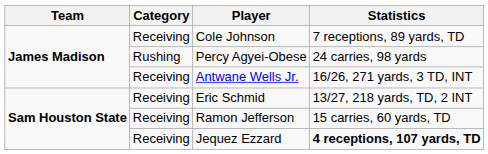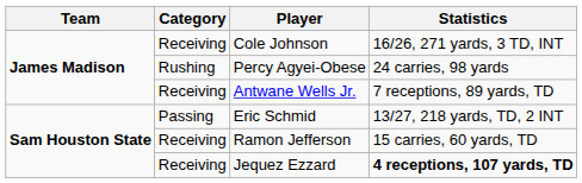 <table class="wikitable" style="float: right;">
 <tr>
 <th>Team</th>
 <th>Category</th>
 <th>Player</th>
 <th>Statistics</th>
 </tr>
 <tr>
 <td rowspan=3><strong>James Madison</strong></td>
 <td>Receiving</td>
 <td>Cole Johnson</td>
-<td>7 receptions, 89 yards, TD</td>
+<td>16/26, 271 yards, 3 TD, INT</td>
 </tr>
 <tr>
 <td>Rushing</td>
 <td>Percy Agyei-Obese</td>
 <td>24 carries, 98 yards</td>
 </tr>
 <tr>
 <td>Receiving</td>
 <td><a href='#'>Antwane Wells Jr.</a></td>
-<td>16/26, 271 yards, 3 TD, INT</td>
+<td>7 receptions, 89 yards, TD</td>
 </tr>
 <tr>
 <td rowspan=3><strong>Sam Houston State</strong></td>
-<td>Receiving</td>
+<td>Passing</td>
 <td>Eric Schmid</td>
 <td>13/27, 218 yards, TD, 2 INT</td>
 </tr>
 <tr>
 <td>Receiving</td>
 <td>Ramon Jefferson</td>
 <td>15 carries, 60 yards, TD</td>
 </tr>
 <tr>
 <td>Receiving</td>
 <td>Jequez Ezzard</td>
 <td><strong>4 receptions, 107 yards, TD</strong></td>
 </tr>
 </table>
